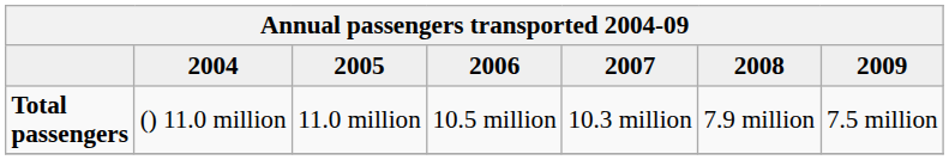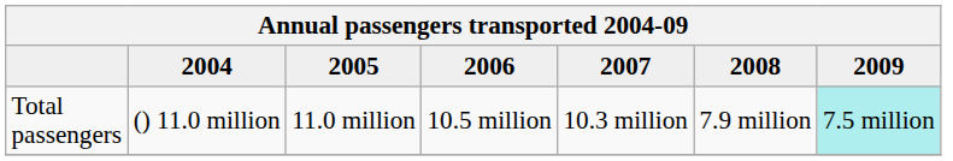 <table class="wikitable">
 <tr>
 <th colspan=9>Annual passengers transported 2004-09</th>
 </tr>
 <tr>
 <th style="background:#efefef;"></th>
 <th style="background:#efefef;">2004</th>
 <th style="background:#efefef;">2005</th>
 <th style="background:#efefef;">2006</th>
 <th style="background:#efefef;">2007</th>
 <th style="background:#efefef;">2008</th>
 <th style="background:#efefef;">2009</th>
 </tr>
 <tr>
-<td><strong>Total <br>passengers</strong></td>
+<td>Total <br>passengers</td>
 <td>() 11.0 million</td>
 <td> 11.0 million</td>
 <td> 10.5 million</td>
 <td> 10.3 million</td>
 <td> 7.9 million</td>
-<td> 7.5 million</td>
+<td style="background: paleturquoise;"> 7.5 million</td>
 </tr>
 <tr>
 </tr>
 </table>
